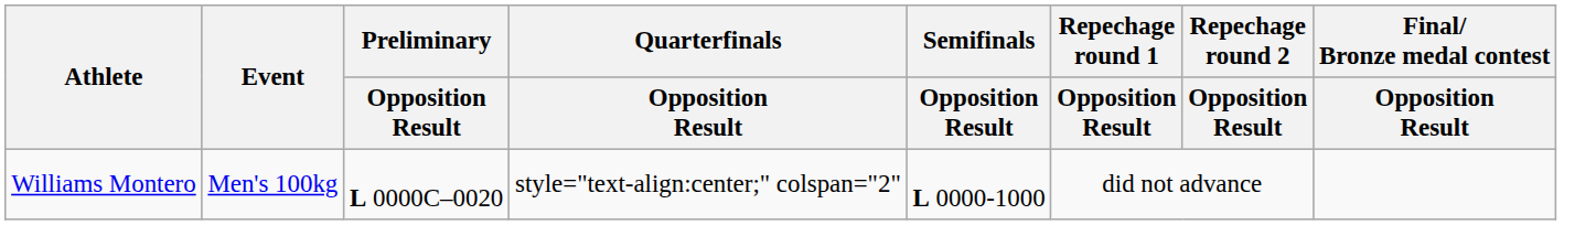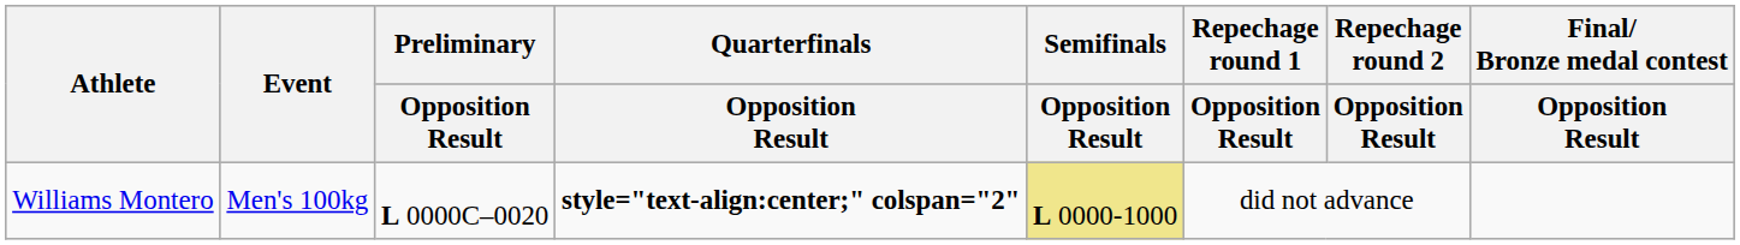 <table class=wikitable style="font-size:90%">
 <tr>
 <th rowspan="2">Athlete</th>
 <th rowspan="2">Event</th>
 <th>Preliminary</th>
 <th>Quarterfinals</th>
 <th>Semifinals</th>
 <th>Repechage <br>round 1</th>
 <th>Repechage <br>round 2</th>
 <th>Final/<br>Bronze medal contest</th>
 </tr>
 <tr>
 <th>Opposition<br>Result</th>
 <th>Opposition<br>Result</th>
 <th>Opposition<br>Result</th>
 <th>Opposition<br>Result</th>
 <th>Opposition<br>Result</th>
 <th>Opposition<br>Result</th>
 </tr>
 <tr>
 <td><a href='#'>Williams Montero</a></td>
 <td style="text-align:center;"><a href='#'>Men's 100kg</a></td>
 <td style="text-align:center;"><br> <strong>L</strong> 0000C–0020</td>
-<td>style="text-align:center;" colspan="2" </td>
-<td style="text-align:center;"><br> <strong>L</strong> 0000-1000</td>
+<td><strong>style="text-align:center;" colspan="2" </strong></td>
+<td style="background: khaki; text-align:center;"><br> <strong>L</strong> 0000-1000</td>
 <td style="text-align:center;" colspan="2">did not advance</td>
 </tr>
 </table>
